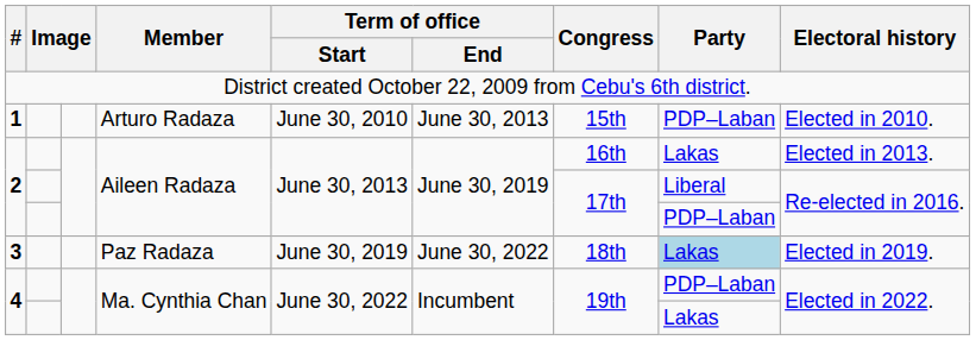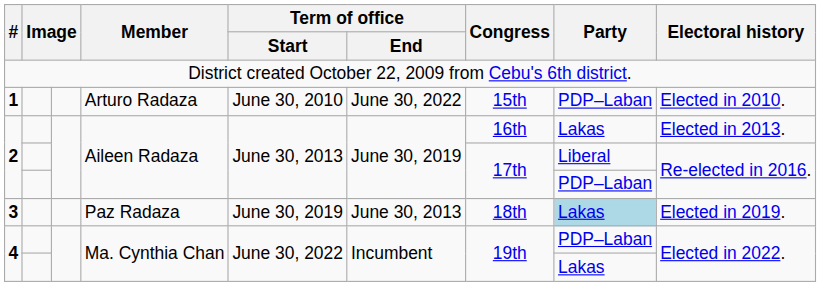 <table class="wikitable">
 <tr>
 <th rowspan="2">#</th>
 <th colspan="2" rowspan="2">Image</th>
 <th rowspan="2">Member</th>
 <th colspan="2">Term of office</th>
 <th rowspan="2">Congress</th>
 <th rowspan="2">Party</th>
 <th rowspan="2">Electoral history</th>
 </tr>
 <tr>
 <th>Start</th>
 <th>End</th>
 </tr>
 <tr>
 <td colspan="10" style="text-align:center;">District created October 22, 2009 from <a href='#'>Cebu's 6th district</a>.</td>
 </tr>
 <tr>
 <td><strong>1</strong></td>
 <td style="color:inherit;background:"></td>
 <td></td>
 <td>Arturo Radaza</td>
 <td>June 30, 2010</td>
-<td>June 30, 2013</td>
+<td>June 30, 2022</td>
 <td style="text-align:center;"><a href='#'>15th</a></td>
 <td><a href='#'>PDP–Laban</a></td>
 <td><a href='#'>Elected in 2010</a>.</td>
 </tr>
 <tr>
 <td rowspan="3"><strong>2</strong></td>
 <td style="color:inherit;background:"></td>
 <td rowspan="3"></td>
 <td rowspan="3">Aileen Radaza</td>
 <td rowspan="3">June 30, 2013</td>
 <td rowspan="3">June 30, 2019</td>
 <td style="text-align:center;"><a href='#'>16th</a></td>
 <td><a href='#'>Lakas</a></td>
 <td><a href='#'>Elected in 2013</a>.</td>
 </tr>
 <tr>
 <td style="color:inherit;background:"></td>
 <td style="text-align:center;" rowspan="2"><a href='#'>17th</a></td>
 <td><a href='#'>Liberal</a></td>
 <td rowspan="2"><a href='#'>Re-elected in 2016</a>.</td>
 </tr>
 <tr>
 <td style="color:inherit;background:"></td>
 <td><a href='#'>PDP–Laban</a></td>
 </tr>
 <tr>
 <td><strong>3</strong></td>
 <td style="color:inherit;background:"></td>
 <td></td>
 <td>Paz Radaza</td>
 <td>June 30, 2019</td>
-<td>June 30, 2022</td>
+<td>June 30, 2013</td>
 <td style="text-align:center;"><a href='#'>18th</a></td>
 <td style="background: lightblue;"><a href='#'>Lakas</a></td>
 <td><a href='#'>Elected in 2019</a>.</td>
 </tr>
 <tr>
 <td rowspan="2"><strong>4</strong></td>
 <td style="color:inherit;background:"></td>
 <td rowspan="2"></td>
 <td rowspan="2">Ma. Cynthia Chan</td>
 <td rowspan="2">June 30, 2022</td>
 <td rowspan="2">Incumbent</td>
 <td style="text-align:center;" rowspan="2"><a href='#'>19th</a></td>
 <td><a href='#'>PDP–Laban</a></td>
 <td rowspan="2"><a href='#'>Elected in 2022</a>.</td>
 </tr>
 <tr>
 <td style="color:inherit;background:"></td>
 <td><a href='#'>Lakas</a></td>
 </tr>
 </table>
